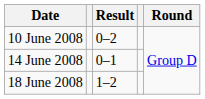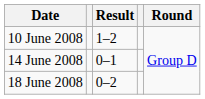 <table class="wikitable">
 <tr>
 <th>Date</th>
 <th></th>
 <th>Result</th>
 <th></th>
 <th>Round</th>
 </tr>
 <tr>
 <td>10 June 2008</td>
 <td></td>
-<td>0–2</td>
+<td>1–2</td>
 <td></td>
 <td rowspan="3"><a href='#'>Group D</a></td>
 </tr>
 <tr>
 <td>14 June 2008</td>
 <td></td>
 <td>0–1</td>
 <td></td>
 </tr>
 <tr>
 <td>18 June 2008</td>
 <td></td>
-<td>1–2</td>
+<td>0–2</td>
 <td></td>
 </tr>
 </table>
